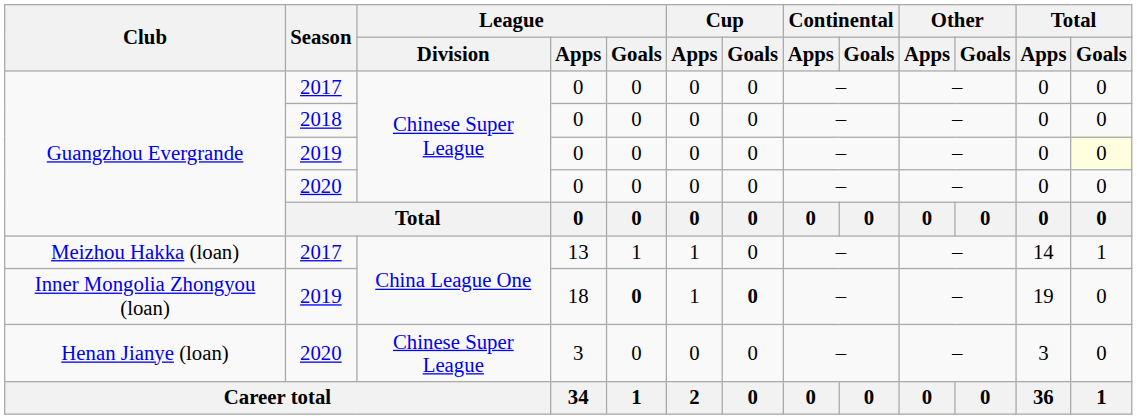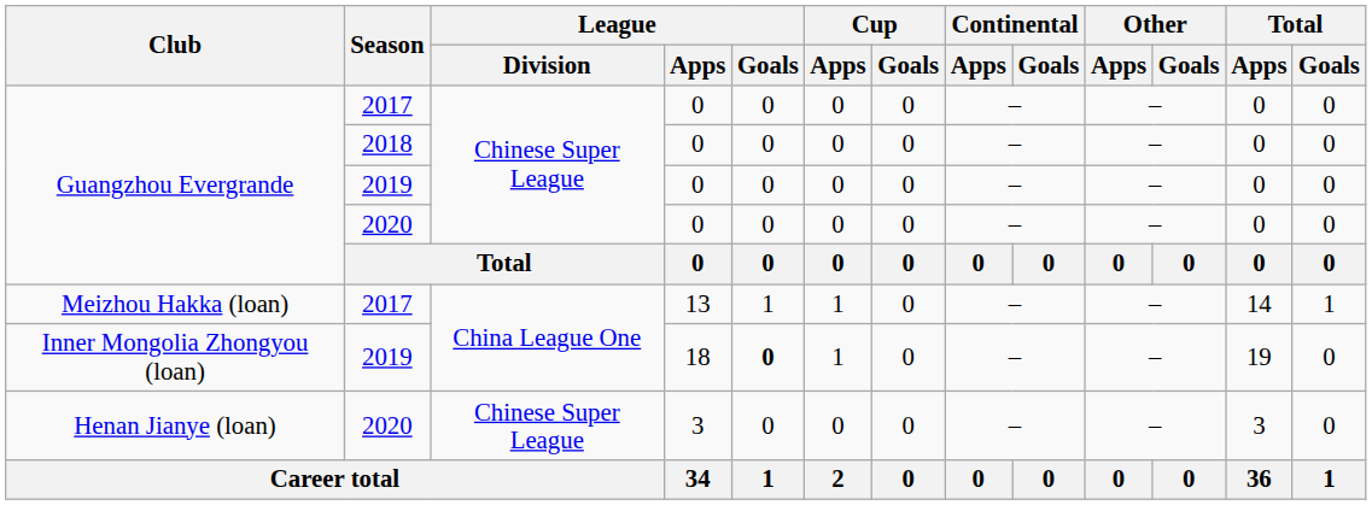 <table class="wikitable" style="text-align: center">
 <tr>
 <th rowspan="2">Club</th>
 <th rowspan="2">Season</th>
 <th colspan="3">League</th>
 <th colspan="2">Cup</th>
 <th colspan="2">Continental</th>
 <th colspan="2">Other</th>
 <th colspan="2">Total</th>
 </tr>
 <tr>
 <th>Division</th>
 <th>Apps</th>
 <th>Goals</th>
 <th>Apps</th>
 <th>Goals</th>
 <th>Apps</th>
 <th>Goals</th>
 <th>Apps</th>
 <th>Goals</th>
 <th>Apps</th>
 <th>Goals</th>
 </tr>
 <tr>
 <td rowspan="5"><a href='#'>Guangzhou Evergrande</a></td>
 <td><a href='#'>2017</a></td>
 <td rowspan="4"><a href='#'>Chinese Super League</a></td>
 <td>0</td>
 <td>0</td>
 <td>0</td>
 <td>0</td>
 <td colspan="2">–</td>
 <td colspan="2">–</td>
 <td>0</td>
 <td>0</td>
 </tr>
 <tr>
 <td><a href='#'>2018</a></td>
 <td>0</td>
 <td>0</td>
 <td>0</td>
 <td>0</td>
 <td colspan="2">–</td>
 <td colspan="2">–</td>
 <td>0</td>
 <td>0</td>
 </tr>
 <tr>
 <td><a href='#'>2019</a></td>
 <td>0</td>
 <td>0</td>
 <td>0</td>
 <td>0</td>
 <td colspan="2">–</td>
 <td colspan="2">–</td>
 <td>0</td>
-<td style="background: lightyellow;">0</td>
+<td>0</td>
 </tr>
 <tr>
 <td><a href='#'>2020</a></td>
 <td>0</td>
 <td>0</td>
 <td>0</td>
 <td>0</td>
 <td colspan="2">–</td>
 <td colspan="2">–</td>
 <td>0</td>
 <td>0</td>
 </tr>
 <tr>
 <th colspan=2>Total</th>
 <th>0</th>
 <th>0</th>
 <th>0</th>
 <th>0</th>
 <th>0</th>
 <th>0</th>
 <th>0</th>
 <th>0</th>
 <th>0</th>
 <th>0</th>
 </tr>
 <tr>
 <td><a href='#'>Meizhou Hakka</a> (loan)</td>
 <td><a href='#'>2017</a></td>
 <td rowspan="2"><a href='#'>China League One</a></td>
 <td>13</td>
 <td>1</td>
 <td>1</td>
 <td>0</td>
 <td colspan="2">–</td>
 <td colspan="2">–</td>
 <td>14</td>
 <td>1</td>
 </tr>
 <tr>
 <td><a href='#'>Inner Mongolia Zhongyou</a> (loan)</td>
 <td><a href='#'>2019</a></td>
 <td>18</td>
 <td><strong>0</strong></td>
 <td>1</td>
-<td><strong>0</strong></td>
+<td>0</td>
 <td colspan="2">–</td>
 <td colspan="2">–</td>
 <td>19</td>
 <td>0</td>
 </tr>
 <tr>
 <td><a href='#'>Henan Jianye</a> (loan)</td>
 <td><a href='#'>2020</a></td>
 <td><a href='#'>Chinese Super League</a></td>
 <td>3</td>
 <td>0</td>
 <td>0</td>
 <td>0</td>
 <td colspan="2">–</td>
 <td colspan="2">–</td>
 <td>3</td>
 <td>0</td>
 </tr>
 <tr>
 <th colspan=3>Career total</th>
 <th>34</th>
 <th>1</th>
 <th>2</th>
 <th>0</th>
 <th>0</th>
 <th>0</th>
 <th>0</th>
 <th>0</th>
 <th>36</th>
 <th>1</th>
 </tr>
 </table>
